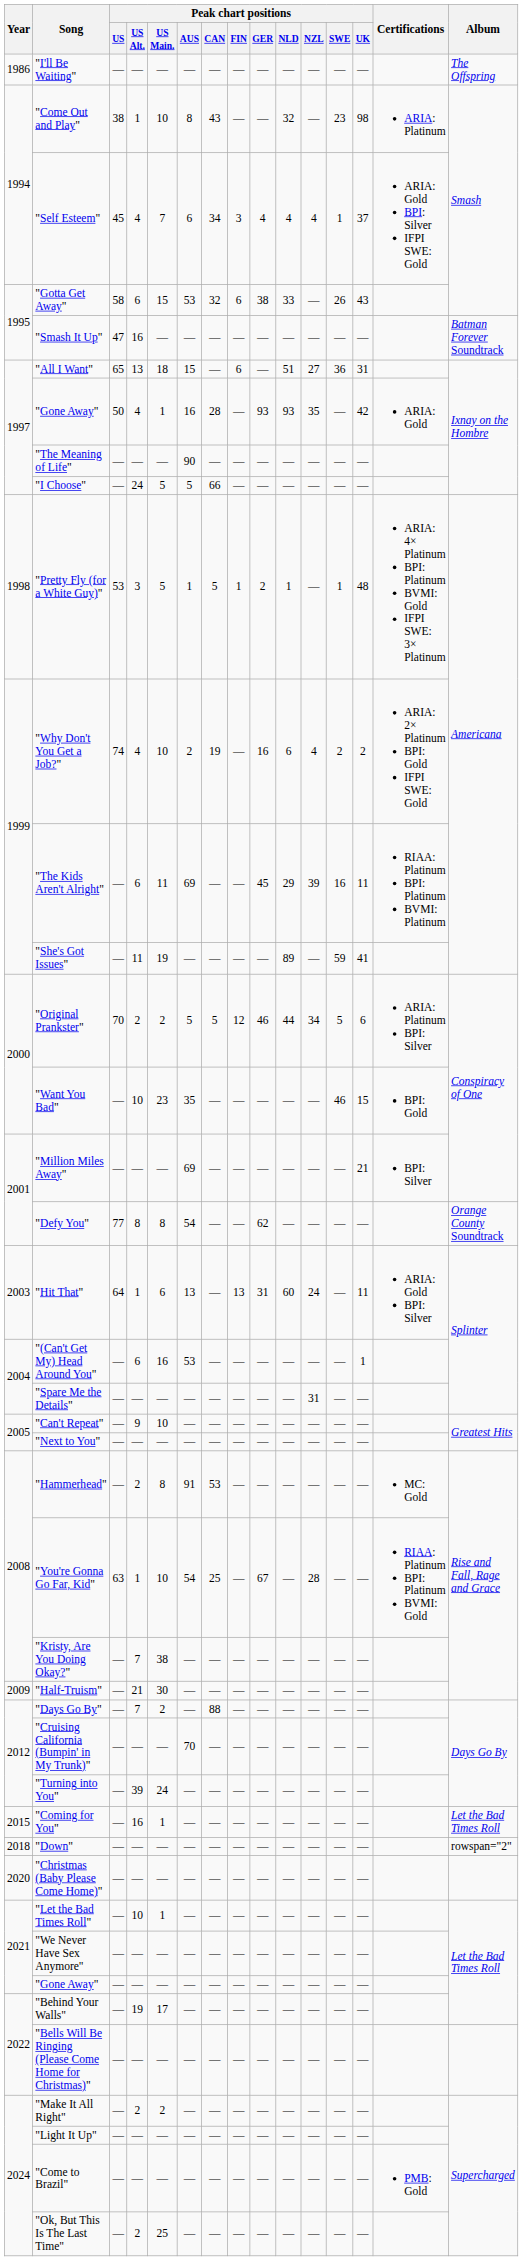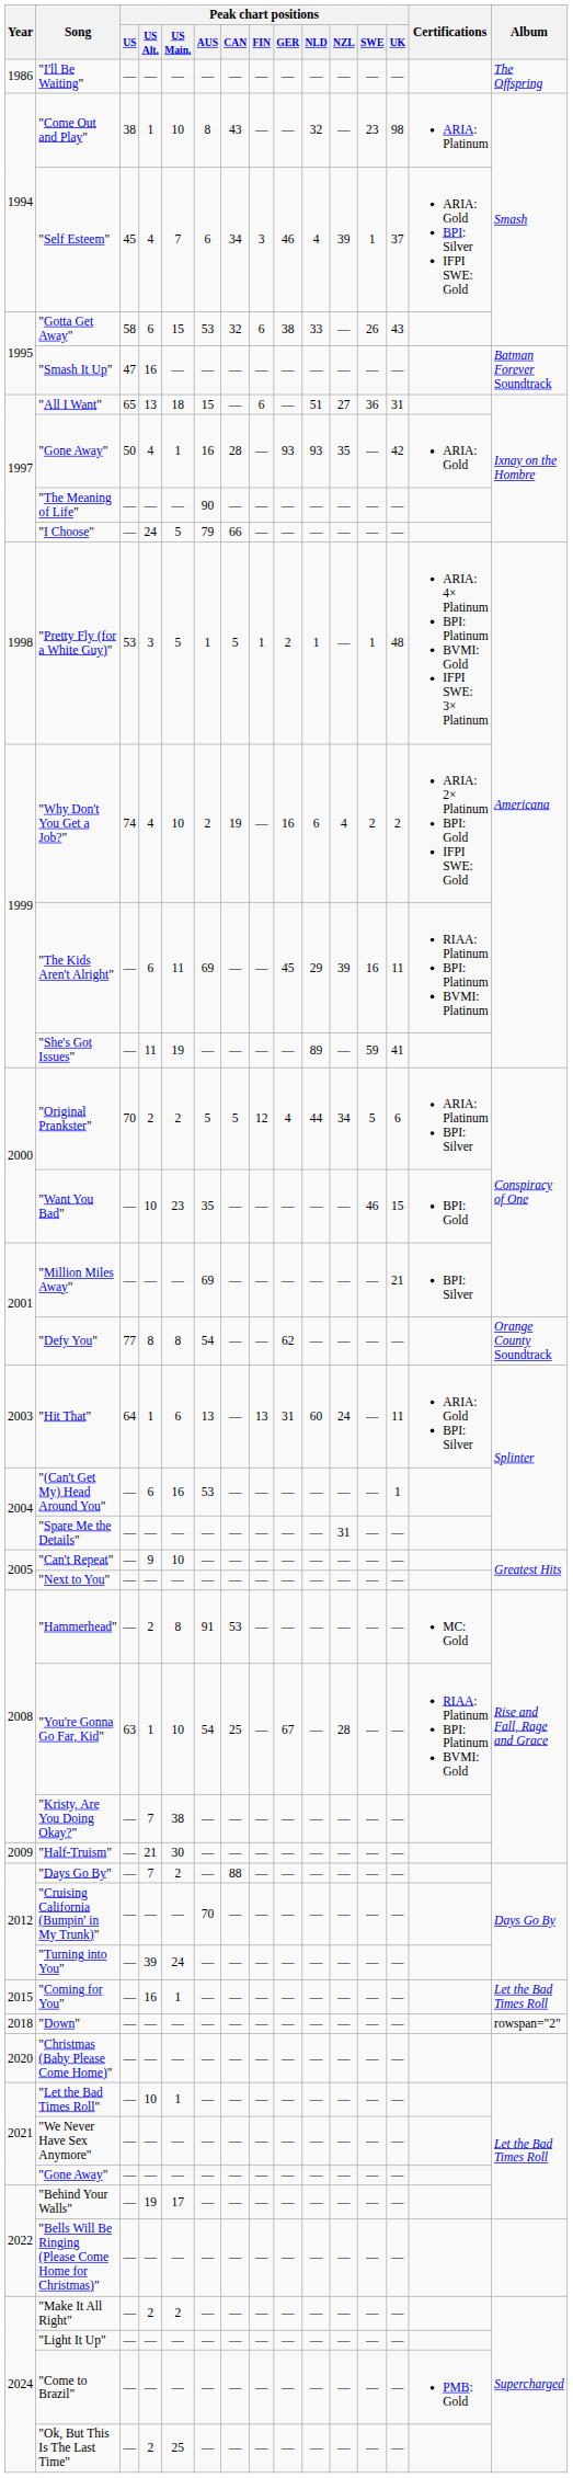 <table class="wikitable">
 <tr>
 <th rowspan="2">Year</th>
 <th rowspan="2">Song</th>
 <th colspan="11">Peak chart positions</th>
 <th rowspan="2">Certifications</th>
 <th align="center" rowspan="2">Album</th>
 </tr>
 <tr>
 <th width="30"><small><a href='#'>US</a></small><br></th>
 <th width="30"><small><a href='#'>US<br>Alt.</a></small><br></th>
 <th><small><a href='#'>US<br>Main.</a></small><br></th>
 <th width="30"><small><a href='#'>AUS</a></small><br></th>
 <th width="30"><small><a href='#'>CAN</a></small><br></th>
 <th width="30"><small><a href='#'>FIN</a></small><br></th>
 <th width="30"><small><a href='#'>GER</a></small><br></th>
 <th width="30"><small><a href='#'>NLD</a></small><br></th>
 <th width="30"><small><a href='#'>NZL</a></small><br></th>
 <th width="30"><small><a href='#'>SWE</a></small><br></th>
 <th width="30"><small><a href='#'>UK</a></small><br></th>
 </tr>
 <tr>
 <td>1986</td>
 <td>"<a href='#'>I'll Be Waiting</a>"</td>
 <td style="text-align:center;">—</td>
 <td style="text-align:center;">—</td>
 <td style="text-align:center;">—</td>
 <td style="text-align:center;">—</td>
 <td style="text-align:center;">—</td>
 <td style="text-align:center;">—</td>
 <td style="text-align:center;">—</td>
 <td style="text-align:center;">—</td>
 <td style="text-align:center;">—</td>
 <td style="text-align:center;">—</td>
 <td style="text-align:center;">—</td>
 <td></td>
 <td><em><a href='#'>The Offspring</a></em></td>
 </tr>
 <tr>
 <td rowspan="2">1994</td>
 <td>"<a href='#'>Come Out and Play</a>"</td>
 <td style="text-align:center;">38<br></td>
 <td style="text-align:center;">1</td>
 <td style="text-align:center;">10</td>
 <td style="text-align:center;">8</td>
 <td style="text-align:center;">43</td>
 <td style="text-align:center;">—</td>
 <td style="text-align:center;">—</td>
 <td style="text-align:center;">32</td>
 <td style="text-align:center;">—</td>
 <td style="text-align:center;">23</td>
 <td style="text-align:center;">98</td>
 <td><br><ul><li><a href='#'>ARIA</a>: Platinum</li></ul></td>
 <td rowspan="3"><em><a href='#'>Smash</a></em></td>
 </tr>
 <tr>
 <td>"<a href='#'>Self Esteem</a>"</td>
 <td style="text-align:center;">45<br></td>
 <td style="text-align:center;">4</td>
 <td style="text-align:center;">7</td>
 <td style="text-align:center;">6</td>
 <td style="text-align:center;">34</td>
 <td style="text-align:center;">3</td>
+<td style="text-align:center;">46</td>
 <td style="text-align:center;">4</td>
-<td style="text-align:center;">4</td>
-<td style="text-align:center;">4</td>
+<td style="text-align:center;">39</td>
 <td style="text-align:center;">1</td>
 <td style="text-align:center;">37</td>
 <td><br><ul><li>ARIA: Gold</li><li><a href='#'>BPI</a>: Silver</li><li>IFPI SWE: Gold</li></ul></td>
 </tr>
 <tr>
 <td rowspan="2">1995</td>
 <td>"<a href='#'>Gotta Get Away</a>"</td>
 <td style="text-align:center;">58<br></td>
 <td style="text-align:center;">6</td>
 <td style="text-align:center;">15</td>
 <td style="text-align:center;">53</td>
 <td style="text-align:center;">32</td>
 <td style="text-align:center;">6</td>
 <td style="text-align:center;">38</td>
 <td style="text-align:center;">33</td>
 <td style="text-align:center;">—</td>
 <td style="text-align:center;">26</td>
 <td style="text-align:center;">43</td>
 <td></td>
 </tr>
 <tr>
 <td>"<a href='#'>Smash It Up</a>"</td>
 <td style="text-align:center;">47<br></td>
 <td style="text-align:center;">16</td>
 <td style="text-align:center;">—</td>
 <td style="text-align:center;">—</td>
 <td style="text-align:center;">—</td>
 <td style="text-align:center;">—</td>
 <td style="text-align:center;">—</td>
 <td style="text-align:center;">—</td>
 <td style="text-align:center;">—</td>
 <td style="text-align:center;">—</td>
 <td style="text-align:center;">—</td>
 <td></td>
 <td><a href='#'><em>Batman Forever</em> Soundtrack</a></td>
 </tr>
 <tr>
 <td rowspan="4">1997</td>
 <td>"<a href='#'>All I Want</a>"</td>
 <td style="text-align:center;">65<br></td>
 <td style="text-align:center;">13</td>
 <td style="text-align:center;">18</td>
 <td style="text-align:center;">15</td>
 <td style="text-align:center;">—</td>
 <td style="text-align:center;">6</td>
 <td style="text-align:center;">—</td>
 <td style="text-align:center;">51</td>
 <td style="text-align:center;">27</td>
 <td style="text-align:center;">36</td>
 <td style="text-align:center;">31</td>
 <td></td>
 <td rowspan="4"><em><a href='#'>Ixnay on the Hombre</a></em></td>
 </tr>
 <tr>
 <td>"<a href='#'>Gone Away</a>"</td>
 <td style="text-align:center;">50<br></td>
 <td style="text-align:center;">4</td>
 <td style="text-align:center;">1</td>
 <td style="text-align:center;">16</td>
 <td style="text-align:center;">28</td>
 <td style="text-align:center;">—</td>
 <td style="text-align:center;">93</td>
 <td style="text-align:center;">93</td>
 <td style="text-align:center;">35</td>
 <td style="text-align:center;">—</td>
 <td style="text-align:center;">42</td>
 <td><br><ul><li>ARIA: Gold</li></ul></td>
 </tr>
 <tr>
 <td>"<a href='#'>The Meaning of Life</a>"</td>
 <td style="text-align:center;">—</td>
 <td style="text-align:center;">—</td>
 <td style="text-align:center;">—</td>
 <td style="text-align:center;">90</td>
 <td style="text-align:center;">—</td>
 <td style="text-align:center;">—</td>
 <td style="text-align:center;">—</td>
 <td style="text-align:center;">—</td>
 <td style="text-align:center;">—</td>
 <td style="text-align:center;">—</td>
 <td style="text-align:center;">—</td>
 <td></td>
 </tr>
 <tr>
 <td>"<a href='#'>I Choose</a>"</td>
 <td style="text-align:center;">—</td>
 <td style="text-align:center;">24</td>
 <td style="text-align:center;">5</td>
-<td style="text-align:center;">5</td>
+<td style="text-align:center;">79</td>
 <td style="text-align:center;">66</td>
 <td style="text-align:center;">—</td>
 <td style="text-align:center;">—</td>
 <td style="text-align:center;">—</td>
 <td style="text-align:center;">—</td>
 <td style="text-align:center;">—</td>
 <td style="text-align:center;">—</td>
 <td></td>
 </tr>
 <tr>
 <td rowspan="1">1998</td>
 <td>"<a href='#'>Pretty Fly (for a White Guy)</a>"</td>
 <td style="text-align:center;">53</td>
 <td style="text-align:center;">3</td>
 <td style="text-align:center;">5</td>
 <td style="text-align:center;">1</td>
 <td style="text-align:center;">5</td>
 <td style="text-align:center;">1</td>
 <td style="text-align:center;">2</td>
 <td style="text-align:center;">1</td>
 <td style="text-align:center;">—</td>
 <td style="text-align:center;">1</td>
 <td style="text-align:center;">48</td>
 <td><br><ul><li>ARIA: 4× Platinum</li><li>BPI: Platinum</li><li>BVMI: Gold</li><li>IFPI SWE: 3× Platinum</li></ul></td>
 <td rowspan="4"><em><a href='#'>Americana</a></em></td>
 </tr>
 <tr>
 <td rowspan="3">1999</td>
 <td>"<a href='#'>Why Don't You Get a Job?</a>"</td>
 <td style="text-align:center;">74</td>
 <td style="text-align:center;">4</td>
 <td style="text-align:center;">10</td>
 <td style="text-align:center;">2</td>
 <td style="text-align:center;">19</td>
 <td style="text-align:center;">—</td>
 <td style="text-align:center;">16</td>
 <td style="text-align:center;">6</td>
 <td style="text-align:center;">4</td>
 <td style="text-align:center;">2</td>
 <td style="text-align:center;">2</td>
 <td><br><ul><li>ARIA: 2× Platinum</li><li>BPI: Gold</li><li>IFPI SWE: Gold</li></ul></td>
 </tr>
 <tr>
 <td>"<a href='#'>The Kids Aren't Alright</a>"</td>
 <td style="text-align:center;">—<br></td>
 <td style="text-align:center;">6</td>
 <td style="text-align:center;">11</td>
 <td style="text-align:center;">69</td>
 <td style="text-align:center;">—</td>
 <td style="text-align:center;">—</td>
 <td style="text-align:center;">45</td>
 <td style="text-align:center;">29</td>
 <td style="text-align:center;">39</td>
 <td style="text-align:center;">16</td>
 <td style="text-align:center;">11</td>
 <td><br><ul><li>RIAA: Platinum</li><li>BPI: Platinum</li><li>BVMI: Platinum</li></ul></td>
 </tr>
 <tr>
 <td>"<a href='#'>She's Got Issues</a>"</td>
 <td style="text-align:center;">—</td>
 <td style="text-align:center;">11</td>
 <td style="text-align:center;">19</td>
 <td style="text-align:center;">—</td>
 <td style="text-align:center;">—</td>
 <td style="text-align:center;">—</td>
 <td style="text-align:center;">—</td>
 <td style="text-align:center;">89</td>
 <td style="text-align:center;">—</td>
 <td style="text-align:center;">59</td>
 <td style="text-align:center;">41</td>
 <td></td>
 </tr>
 <tr>
 <td rowspan="2">2000</td>
 <td>"<a href='#'>Original Prankster</a>"</td>
 <td style="text-align:center;">70</td>
 <td style="text-align:center;">2</td>
 <td style="text-align:center;">2</td>
 <td style="text-align:center;">5</td>
 <td style="text-align:center;">5</td>
 <td style="text-align:center;">12</td>
-<td style="text-align:center;">46</td>
+<td style="text-align:center;">4</td>
 <td style="text-align:center;">44</td>
 <td style="text-align:center;">34</td>
 <td style="text-align:center;">5</td>
 <td style="text-align:center;">6</td>
 <td><br><ul><li>ARIA: Platinum</li><li>BPI: Silver</li></ul></td>
 <td rowspan="3"><em><a href='#'>Conspiracy of One</a></em></td>
 </tr>
 <tr>
 <td>"<a href='#'>Want You Bad</a>"</td>
 <td style="text-align:center;">—</td>
 <td style="text-align:center;">10</td>
 <td style="text-align:center;">23</td>
 <td style="text-align:center;">35</td>
 <td style="text-align:center;">—</td>
 <td style="text-align:center;">—</td>
 <td style="text-align:center;">—</td>
 <td style="text-align:center;">—</td>
 <td style="text-align:center;">—</td>
 <td style="text-align:center;">46</td>
 <td style="text-align:center;">15</td>
 <td><br><ul><li>BPI: Gold</li></ul></td>
 </tr>
 <tr>
 <td rowspan="2">2001</td>
 <td>"<a href='#'>Million Miles Away</a>"</td>
 <td style="text-align:center;">—</td>
 <td style="text-align:center;">—</td>
 <td style="text-align:center;">—</td>
 <td style="text-align:center;">69</td>
 <td style="text-align:center;">—</td>
 <td style="text-align:center;">—</td>
 <td style="text-align:center;">—</td>
 <td style="text-align:center;">—</td>
 <td style="text-align:center;">—</td>
 <td style="text-align:center;">—</td>
 <td style="text-align:center;">21</td>
 <td><br><ul><li>BPI: Silver</li></ul></td>
 </tr>
 <tr>
 <td>"<a href='#'>Defy You</a>"</td>
 <td style="text-align:center;">77</td>
 <td style="text-align:center;">8</td>
 <td style="text-align:center;">8</td>
 <td style="text-align:center;">54</td>
 <td style="text-align:center;">—</td>
 <td style="text-align:center;">—</td>
 <td style="text-align:center;">62</td>
 <td style="text-align:center;">—</td>
 <td style="text-align:center;">—</td>
 <td style="text-align:center;">—</td>
 <td style="text-align:center;">—</td>
 <td></td>
 <td><a href='#'><em>Orange County</em> Soundtrack</a></td>
 </tr>
 <tr>
 <td>2003</td>
 <td>"<a href='#'>Hit That</a>"</td>
 <td style="text-align:center;">64</td>
 <td style="text-align:center;">1</td>
 <td style="text-align:center;">6</td>
 <td style="text-align:center;">13</td>
 <td style="text-align:center;">—</td>
 <td style="text-align:center;">13</td>
 <td style="text-align:center;">31</td>
 <td style="text-align:center;">60</td>
 <td style="text-align:center;">24</td>
 <td style="text-align:center;">—</td>
 <td style="text-align:center;">11</td>
 <td><br><ul><li>ARIA: Gold</li><li>BPI: Silver</li></ul></td>
 <td rowspan="3"><em><a href='#'>Splinter</a></em></td>
 </tr>
 <tr>
 <td rowspan="2">2004</td>
 <td>"<a href='#'>(Can't Get My) Head Around You</a>"</td>
 <td style="text-align:center;">—<br></td>
 <td style="text-align:center;">6</td>
 <td style="text-align:center;">16</td>
 <td style="text-align:center;">53</td>
 <td style="text-align:center;">—</td>
 <td style="text-align:center;">—</td>
 <td style="text-align:center;">—</td>
 <td style="text-align:center;">—</td>
 <td style="text-align:center;">—</td>
 <td style="text-align:center;">—</td>
 <td style="text-align:center;">1</td>
 <td></td>
 </tr>
 <tr>
 <td>"<a href='#'>Spare Me the Details</a>"</td>
 <td style="text-align:center;">—</td>
 <td style="text-align:center;">—</td>
 <td style="text-align:center;">—</td>
 <td style="text-align:center;">—</td>
 <td style="text-align:center;">—</td>
 <td style="text-align:center;">—</td>
 <td style="text-align:center;">—</td>
 <td style="text-align:center;">—</td>
 <td style="text-align:center;">31</td>
 <td style="text-align:center;">—</td>
 <td style="text-align:center;">—</td>
 <td></td>
 </tr>
 <tr>
 <td rowspan="2">2005</td>
 <td>"<a href='#'>Can't Repeat</a>"</td>
 <td style="text-align:center;">—<br></td>
 <td style="text-align:center;">9</td>
 <td style="text-align:center;">10</td>
 <td style="text-align:center;">—</td>
 <td style="text-align:center;">—</td>
 <td style="text-align:center;">—</td>
 <td style="text-align:center;">—</td>
 <td style="text-align:center;">—</td>
 <td style="text-align:center;">—</td>
 <td style="text-align:center;">—</td>
 <td style="text-align:center;">—</td>
 <td></td>
 <td rowspan="2"><em><a href='#'>Greatest Hits</a></em></td>
 </tr>
 <tr>
 <td>"<a href='#'>Next to You</a>"</td>
 <td style="text-align:center;">—</td>
 <td style="text-align:center;">—</td>
 <td style="text-align:center;">—</td>
 <td style="text-align:center;">—</td>
 <td style="text-align:center;">—</td>
 <td style="text-align:center;">—</td>
 <td style="text-align:center;">—</td>
 <td style="text-align:center;">—</td>
 <td style="text-align:center;">—</td>
 <td style="text-align:center;">—</td>
 <td style="text-align:center;">—</td>
 <td></td>
 </tr>
 <tr>
 <td rowspan="3">2008</td>
 <td>"<a href='#'>Hammerhead</a>"</td>
 <td style="text-align:center;">—<br></td>
 <td style="text-align:center;">2</td>
 <td style="text-align:center;">8</td>
 <td style="text-align:center;">91</td>
 <td style="text-align:center;">53</td>
 <td style="text-align:center;">—</td>
 <td style="text-align:center;">—</td>
 <td style="text-align:center;">—</td>
 <td style="text-align:center;">—</td>
 <td style="text-align:center;">—</td>
 <td style="text-align:center;">—</td>
 <td><br><ul><li>MC: Gold</li></ul></td>
 <td rowspan="4"><em><a href='#'>Rise and Fall, Rage and Grace</a></em></td>
 </tr>
 <tr>
 <td>"<a href='#'>You're Gonna Go Far, Kid</a>"</td>
 <td style="text-align:center;">63</td>
 <td style="text-align:center;">1</td>
 <td style="text-align:center;">10</td>
 <td style="text-align:center;">54</td>
 <td style="text-align:center;">25</td>
 <td style="text-align:center;">—</td>
 <td style="text-align:center;">67</td>
 <td style="text-align:center;">—</td>
 <td style="text-align:center;">28</td>
 <td style="text-align:center;">—</td>
 <td style="text-align:center;">—</td>
 <td><br><ul><li><a href='#'>RIAA</a>: Platinum</li><li>BPI: Platinum</li><li>BVMI: Gold</li></ul></td>
 </tr>
 <tr>
 <td>"<a href='#'>Kristy, Are You Doing Okay?</a>"</td>
 <td style="text-align:center;">—<br></td>
 <td style="text-align:center;">7</td>
 <td style="text-align:center;">38</td>
 <td style="text-align:center;">—</td>
 <td style="text-align:center;">—</td>
 <td style="text-align:center;">—</td>
 <td style="text-align:center;">—</td>
 <td style="text-align:center;">—</td>
 <td style="text-align:center;">—</td>
 <td style="text-align:center;">—</td>
 <td style="text-align:center;">—</td>
 <td></td>
 </tr>
 <tr>
 <td>2009</td>
 <td>"<a href='#'>Half-Truism</a>"</td>
 <td style="text-align:center;">—</td>
 <td style="text-align:center;">21</td>
 <td style="text-align:center;">30</td>
 <td style="text-align:center;">—</td>
 <td style="text-align:center;">—</td>
 <td style="text-align:center;">—</td>
 <td style="text-align:center;">—</td>
 <td style="text-align:center;">—</td>
 <td style="text-align:center;">—</td>
 <td style="text-align:center;">—</td>
 <td style="text-align:center;">—</td>
 </tr>
 <tr>
 <td rowspan="3">2012</td>
 <td>"<a href='#'>Days Go By</a>"</td>
 <td style="text-align:center;">—<br></td>
 <td style="text-align:center;">7</td>
 <td style="text-align:center;">2</td>
 <td style="text-align:center;">—</td>
 <td style="text-align:center;">88</td>
 <td style="text-align:center;">—</td>
 <td style="text-align:center;">—</td>
 <td style="text-align:center;">—</td>
 <td style="text-align:center;">—</td>
 <td style="text-align:center;">—</td>
 <td style="text-align:center;">—</td>
 <td></td>
 <td rowspan="3"><em><a href='#'>Days Go By</a></em></td>
 </tr>
 <tr>
 <td>"<a href='#'>Cruising California (Bumpin' in My Trunk)</a>"</td>
 <td style="text-align:center;">—</td>
 <td style="text-align:center;">—</td>
 <td style="text-align:center;">—</td>
 <td style="text-align:center;">70</td>
 <td style="text-align:center;">—</td>
 <td style="text-align:center;">—</td>
 <td style="text-align:center;">—</td>
 <td style="text-align:center;">—</td>
 <td style="text-align:center;">—</td>
 <td style="text-align:center;">—</td>
 <td style="text-align:center;">—</td>
 <td></td>
 </tr>
 <tr>
 <td>"<a href='#'>Turning into You</a>"</td>
 <td style="text-align:center;">—</td>
 <td style="text-align:center;">39</td>
 <td style="text-align:center;">24</td>
 <td style="text-align:center;">—</td>
 <td style="text-align:center;">—</td>
 <td style="text-align:center;">—</td>
 <td style="text-align:center;">—</td>
 <td style="text-align:center;">—</td>
 <td style="text-align:center;">—</td>
 <td style="text-align:center;">—</td>
 <td style="text-align:center;">—</td>
 <td></td>
 </tr>
 <tr>
 <td>2015</td>
 <td>"<a href='#'>Coming for You</a>"</td>
 <td style="text-align:center;">—</td>
 <td style="text-align:center;">16</td>
 <td style="text-align:center;">1</td>
 <td style="text-align:center;">—</td>
 <td style="text-align:center;">—</td>
 <td style="text-align:center;">—</td>
 <td style="text-align:center;">—</td>
 <td style="text-align:center;">—</td>
 <td style="text-align:center;">—</td>
 <td style="text-align:center;">—</td>
 <td style="text-align:center;">—</td>
 <td></td>
 <td><em><a href='#'>Let the Bad Times Roll</a></em></td>
 </tr>
 <tr>
 <td>2018</td>
 <td>"<a href='#'>Down</a>"</td>
 <td style="text-align:center;">—</td>
 <td style="text-align:center;">—</td>
 <td style="text-align:center;">—</td>
 <td style="text-align:center;">—</td>
 <td style="text-align:center;">—</td>
 <td style="text-align:center;">—</td>
 <td style="text-align:center;">—</td>
 <td style="text-align:center;">—</td>
 <td style="text-align:center;">—</td>
 <td style="text-align:center;">—</td>
 <td style="text-align:center;">—</td>
 <td></td>
 <td>rowspan="2" </td>
 </tr>
 <tr>
 <td>2020</td>
 <td>"<a href='#'>Christmas (Baby Please Come Home)</a>"</td>
 <td style="text-align:center;">—</td>
 <td style="text-align:center;">—</td>
 <td style="text-align:center;">—</td>
 <td style="text-align:center;">—</td>
 <td style="text-align:center;">—</td>
 <td style="text-align:center;">—</td>
 <td style="text-align:center;">—</td>
 <td style="text-align:center;">—</td>
 <td style="text-align:center;">—</td>
 <td style="text-align:center;">—</td>
 <td style="text-align:center;">—</td>
 <td></td>
 </tr>
 <tr>
 <td rowspan="3">2021</td>
 <td>"<a href='#'>Let the Bad Times Roll</a>"</td>
 <td style="text-align:center;">—</td>
 <td style="text-align:center;">10</td>
 <td style="text-align:center;">1</td>
 <td style="text-align:center;">—</td>
 <td style="text-align:center;">—</td>
 <td style="text-align:center;">—</td>
 <td style="text-align:center;">—</td>
 <td style="text-align:center;">—</td>
 <td style="text-align:center;">—</td>
 <td style="text-align:center;">—</td>
 <td style="text-align:center;">—</td>
 <td></td>
 <td rowspan="4"><em><a href='#'>Let the Bad Times Roll</a></em></td>
 </tr>
 <tr>
 <td>"We Never Have Sex Anymore"</td>
 <td style="text-align:center;">—</td>
 <td style="text-align:center;">—</td>
 <td style="text-align:center;">—</td>
 <td style="text-align:center;">—</td>
 <td style="text-align:center;">—</td>
 <td style="text-align:center;">—</td>
 <td style="text-align:center;">—</td>
 <td style="text-align:center;">—</td>
 <td style="text-align:center;">—</td>
 <td style="text-align:center;">—</td>
 <td style="text-align:center;">—</td>
 <td></td>
 </tr>
 <tr>
 <td>"<a href='#'>Gone Away</a>"</td>
 <td style="text-align:center;">—</td>
 <td style="text-align:center;">—</td>
 <td style="text-align:center;">—</td>
 <td style="text-align:center;">—</td>
 <td style="text-align:center;">—</td>
 <td style="text-align:center;">—</td>
 <td style="text-align:center;">—</td>
 <td style="text-align:center;">—</td>
 <td style="text-align:center;">—</td>
 <td style="text-align:center;">—</td>
 <td style="text-align:center;">—</td>
 <td></td>
 </tr>
 <tr>
 <td rowspan="2">2022</td>
 <td>"Behind Your Walls"</td>
 <td style="text-align:center;">—</td>
 <td style="text-align:center;">19</td>
 <td style="text-align:center;">17</td>
 <td style="text-align:center;">—</td>
 <td style="text-align:center;">—</td>
 <td style="text-align:center;">—</td>
 <td style="text-align:center;">—</td>
 <td style="text-align:center;">—</td>
 <td style="text-align:center;">—</td>
 <td style="text-align:center;">—</td>
 <td style="text-align:center;">—</td>
 <td style="text-align:center;"></td>
 </tr>
 <tr>
 <td>"<a href='#'>Bells Will Be Ringing (Please Come Home for Christmas)</a>"</td>
 <td style="text-align:center;">—</td>
 <td style="text-align:center;">—</td>
 <td style="text-align:center;">—</td>
 <td style="text-align:center;">—</td>
 <td style="text-align:center;">—</td>
 <td style="text-align:center;">—</td>
 <td style="text-align:center;">—</td>
 <td style="text-align:center;">—</td>
 <td style="text-align:center;">—</td>
 <td style="text-align:center;">—</td>
 <td style="text-align:center;">—</td>
 <td></td>
 <td></td>
 </tr>
 <tr>
 <td rowspan="4">2024</td>
 <td>"Make It All Right"</td>
 <td style="text-align:center;">—</td>
 <td style="text-align:center;">2</td>
 <td style="text-align:center;">2</td>
 <td style="text-align:center;">—</td>
 <td style="text-align:center;">—</td>
 <td style="text-align:center;">—</td>
 <td style="text-align:center;">—</td>
 <td style="text-align:center;">—</td>
 <td style="text-align:center;">—</td>
 <td style="text-align:center;">—</td>
 <td style="text-align:center;">—</td>
 <td></td>
 <td rowspan="4"><em><a href='#'>Supercharged</a></em></td>
 </tr>
 <tr>
 <td>"Light It Up"</td>
 <td style="text-align:center;">—</td>
 <td style="text-align:center;">—</td>
 <td style="text-align:center;">—</td>
 <td style="text-align:center;">—</td>
 <td style="text-align:center;">—</td>
 <td style="text-align:center;">—</td>
 <td style="text-align:center;">—</td>
 <td style="text-align:center;">—</td>
 <td style="text-align:center;">—</td>
 <td style="text-align:center;">—</td>
 <td style="text-align:center;">—</td>
 <td></td>
 </tr>
 <tr>
 <td>"Come to Brazil"</td>
 <td style="text-align:center;">—</td>
 <td style="text-align:center;">—</td>
 <td style="text-align:center;">—</td>
 <td style="text-align:center;">—</td>
 <td style="text-align:center;">—</td>
 <td style="text-align:center;">—</td>
 <td style="text-align:center;">—</td>
 <td style="text-align:center;">—</td>
 <td style="text-align:center;">—</td>
 <td style="text-align:center;">—</td>
 <td style="text-align:center;">—</td>
 <td><br><ul><li><a href='#'>PMB</a>: Gold</li></ul></td>
 </tr>
 <tr>
 <td>"Ok, But This Is The Last Time"</td>
 <td style="text-align:center;">—</td>
 <td style="text-align:center;">2</td>
 <td style="text-align:center;">25</td>
 <td style="text-align:center;">—</td>
 <td style="text-align:center;">—</td>
 <td style="text-align:center;">—</td>
 <td style="text-align:center;">—</td>
 <td style="text-align:center;">—</td>
 <td style="text-align:center;">—</td>
 <td style="text-align:center;">—</td>
 <td style="text-align:center;">—</td>
 <td></td>
 </tr>
 </table>
